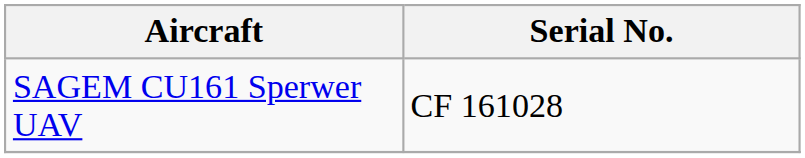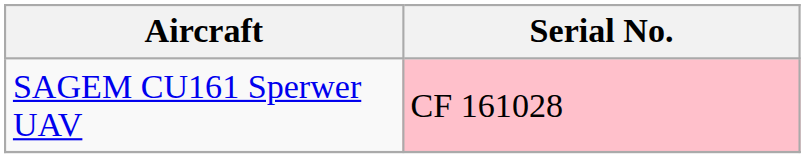 <table class="wikitable" width=60%>
 <tr>
 <th width=50%>Aircraft</th>
 <th>Serial No.</th>
 </tr>
 <tr>
 <td><a href='#'>SAGEM CU161 Sperwer</a> <a href='#'>UAV</a></td>
-<td>CF 161028</td>
+<td style="background: pink;">CF 161028</td>
 </tr>
 <tr>
 </tr>
 </table>
